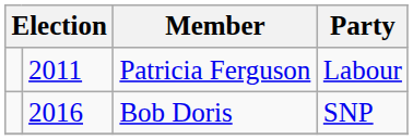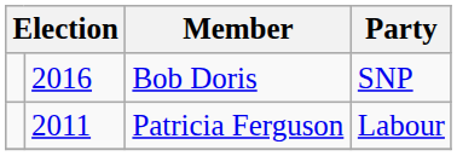 <table class="wikitable">
 <tr>
 <th colspan="2">Election</th>
 <th>Member</th>
 <th>Party</th>
 </tr>
 <tr>
 <td style="background-color: "></td>
+<td><a href='#'>2016</a></td>
+<td><a href='#'>Bob Doris</a></td>
+<td><a href='#'>SNP</a></td>
+</tr>
+<tr>
+<td style="background-color: "></td>
 <td><a href='#'>2011</a></td>
 <td><a href='#'>Patricia Ferguson</a></td>
 <td><a href='#'>Labour</a></td>
 </tr>
 <tr>
-<td style="background-color: "></td>
-<td><a href='#'>2016</a></td>
-<td><a href='#'>Bob Doris</a></td>
-<td><a href='#'>SNP</a></td>
-</tr>
-<tr>
 </tr>
 </table>
